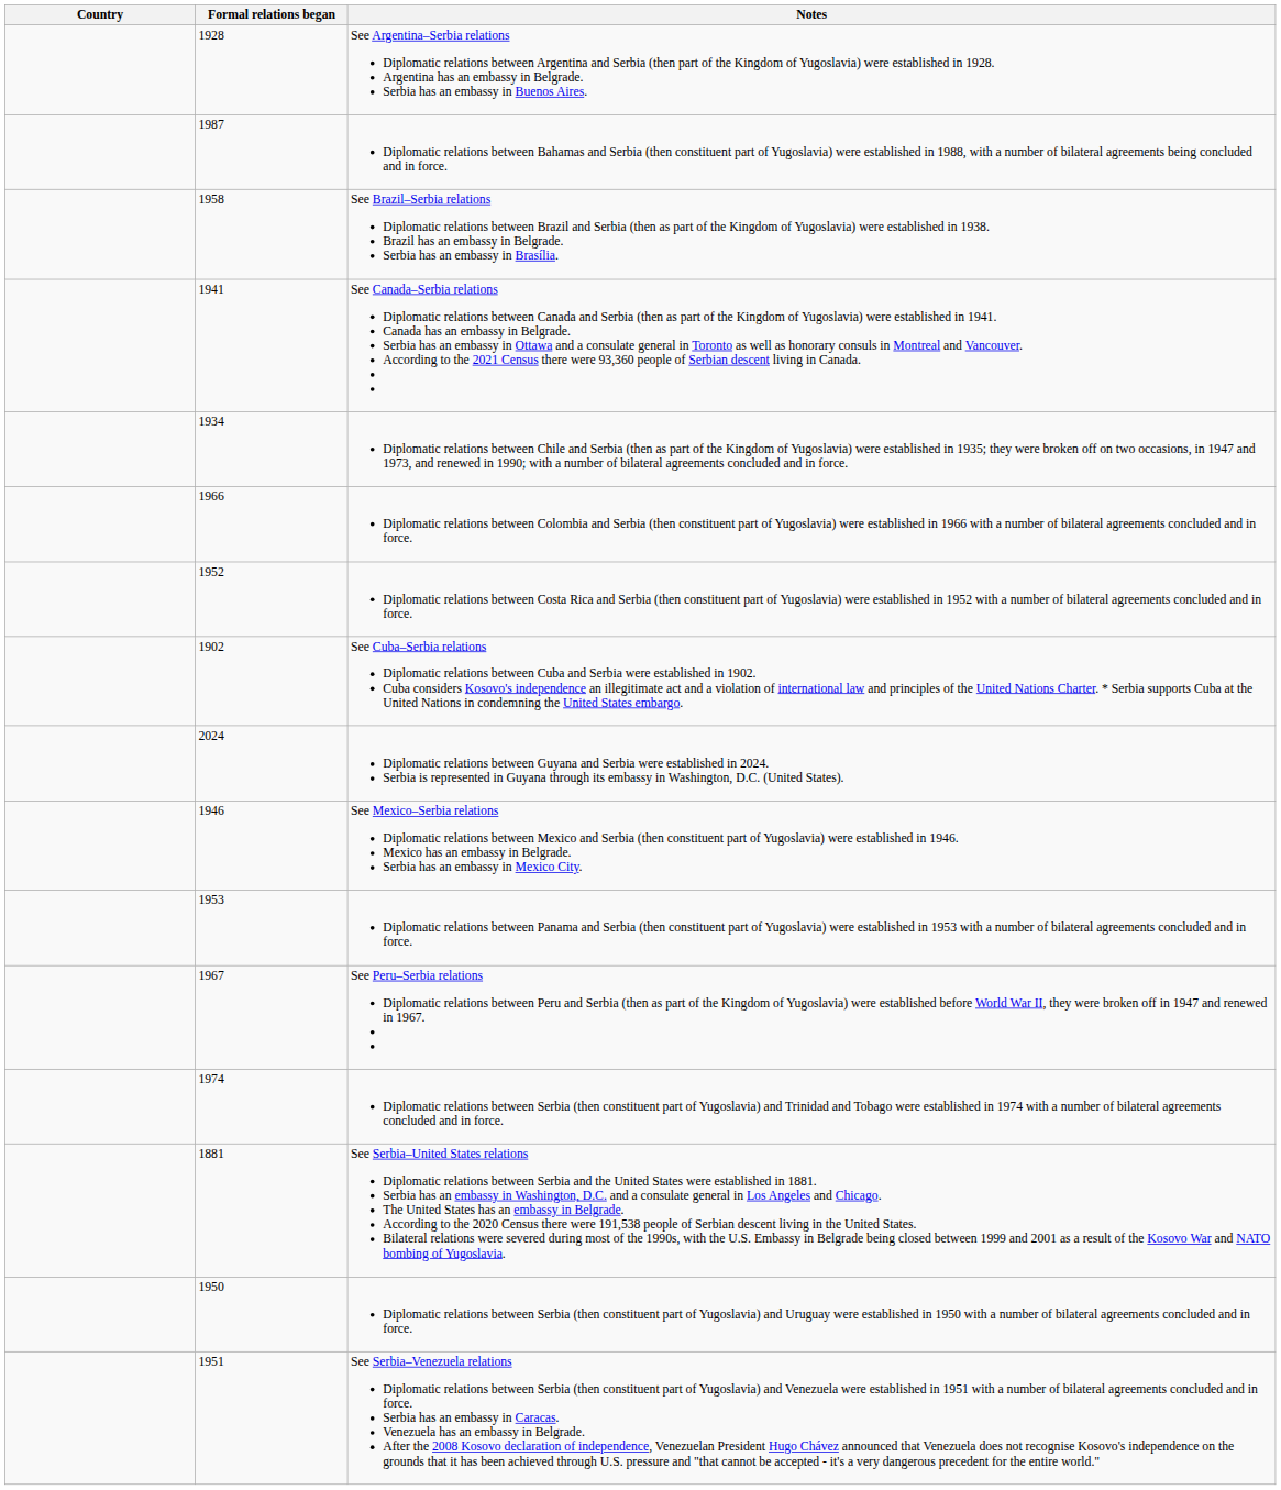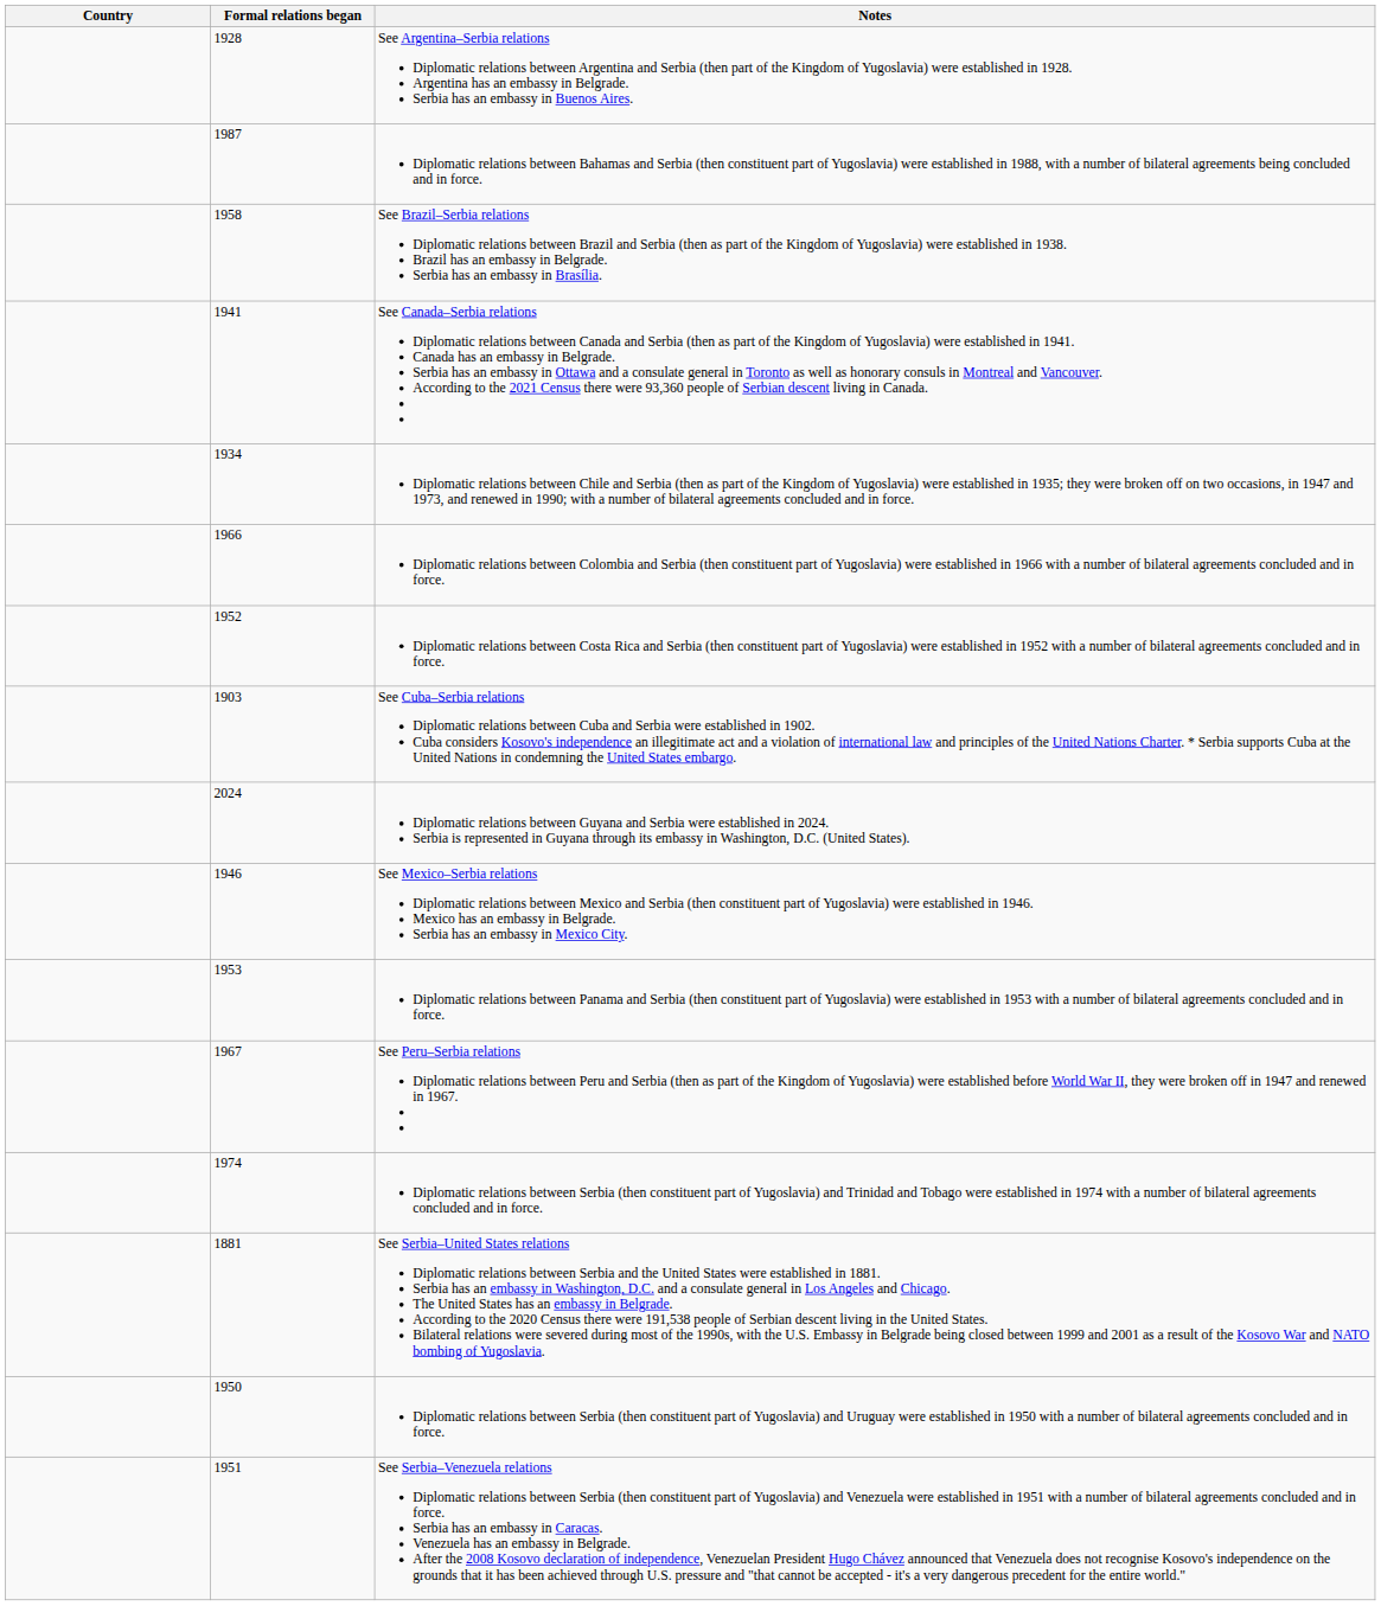 <table class="wikitable sortable" style="width:100%; margin:auto;">
 <tr>
 <th style="width:15%;">Country</th>
 <th style="width:12%;">Formal relations began</th>
 <th>Notes</th>
 </tr>
 <tr valign="top">
 <td></td>
 <td>1928</td>
 <td>See <a href='#'>Argentina–Serbia relations</a><br><ul><li>Diplomatic relations between Argentina and Serbia (then part of the Kingdom of Yugoslavia) were established in 1928.</li><li>Argentina has an embassy in Belgrade.</li><li>Serbia has an embassy in <a href='#'>Buenos Aires</a>.</li></ul></td>
 </tr>
 <tr valign="top">
 <td></td>
 <td>1987</td>
 <td><br><ul><li>Diplomatic relations between Bahamas and Serbia (then constituent part of Yugoslavia) were established in 1988, with a number of bilateral agreements being concluded and in force.</li></ul></td>
 </tr>
 <tr valign="top">
 <td></td>
 <td>1958</td>
 <td>See <a href='#'>Brazil–Serbia relations</a><br><ul><li>Diplomatic relations between Brazil and Serbia (then as part of the Kingdom of Yugoslavia) were established in 1938.</li><li>Brazil has an embassy in Belgrade.</li><li>Serbia has an embassy in <a href='#'>Brasília</a>.</li></ul></td>
 </tr>
 <tr valign="top">
 <td></td>
 <td>1941</td>
 <td>See <a href='#'>Canada–Serbia relations</a><br><ul><li>Diplomatic relations between Canada and Serbia (then as part of the Kingdom of Yugoslavia) were established in 1941.</li><li>Canada has an embassy in Belgrade.</li><li>Serbia has an embassy in <a href='#'>Ottawa</a> and a consulate general in <a href='#'>Toronto</a> as well as honorary consuls in <a href='#'>Montreal</a> and <a href='#'>Vancouver</a>.</li><li>According to the <a href='#'>2021 Census</a> there were 93,360 people of <a href='#'>Serbian descent</a> living in Canada.</li><li></li><li> </li></ul></td>
 </tr>
 <tr valign="top">
 <td></td>
 <td>1934</td>
 <td><br><ul><li>Diplomatic relations between Chile and Serbia (then as part of the Kingdom of Yugoslavia) were established in 1935; they were broken off on two occasions, in 1947 and 1973, and renewed in 1990; with a number of bilateral agreements concluded and in force.</li></ul></td>
 </tr>
 <tr valign="top">
 <td></td>
 <td>1966</td>
 <td><br><ul><li>Diplomatic relations between Colombia and Serbia (then constituent part of Yugoslavia) were established in 1966 with a number of bilateral agreements concluded and in force.</li></ul></td>
 </tr>
 <tr valign="top">
 <td></td>
 <td>1952</td>
 <td><br><ul><li>Diplomatic relations between Costa Rica and Serbia (then constituent part of Yugoslavia) were established in 1952 with a number of bilateral agreements concluded and in force.</li></ul></td>
 </tr>
 <tr valign="top">
 <td></td>
-<td>1902</td>
+<td>1903</td>
 <td>See <a href='#'>Cuba–Serbia relations</a><br><ul><li>Diplomatic relations between Cuba and Serbia were established in 1902.</li><li>Cuba considers <a href='#'>Kosovo's independence</a> an illegitimate act and a violation of <a href='#'>international law</a> and principles of the <a href='#'>United Nations Charter</a>. * Serbia supports Cuba at the United Nations in condemning the <a href='#'>United States embargo</a>.</li></ul></td>
 </tr>
 <tr valign="top">
 <td></td>
 <td>2024</td>
 <td><br><ul><li>Diplomatic relations between Guyana and Serbia were established in 2024.</li><li>Serbia is represented in Guyana through its embassy in Washington, D.C. (United States).</li></ul></td>
 </tr>
 <tr valign="top">
 <td></td>
 <td>1946</td>
 <td>See <a href='#'>Mexico–Serbia relations</a><br><ul><li>Diplomatic relations between Mexico and Serbia (then constituent part of Yugoslavia) were established in 1946.</li><li>Mexico has an embassy in Belgrade.</li><li>Serbia has an embassy in <a href='#'>Mexico City</a>.</li></ul></td>
 </tr>
 <tr valign="top">
 <td></td>
 <td> 1953</td>
 <td><br><ul><li>Diplomatic relations between Panama and Serbia (then constituent part of Yugoslavia) were established in 1953 with a number of bilateral agreements concluded and in force.</li></ul></td>
 </tr>
 <tr valign="top">
 <td></td>
 <td> 1967</td>
 <td>See <a href='#'>Peru–Serbia relations</a><br><ul><li>Diplomatic relations between Peru and Serbia (then as part of the Kingdom of Yugoslavia) were established before <a href='#'>World War II</a>, they were broken off in 1947 and renewed in 1967.</li><li></li><li></li></ul></td>
 </tr>
 <tr valign="top">
 <td></td>
 <td>1974</td>
 <td><br><ul><li>Diplomatic relations between Serbia (then constituent part of Yugoslavia) and Trinidad and Tobago were established in 1974 with a number of bilateral agreements concluded and in force.</li></ul></td>
 </tr>
 <tr valign="top">
 <td></td>
 <td>1881</td>
 <td>See <a href='#'>Serbia–United States relations</a><br><ul><li>Diplomatic relations between Serbia and the United States were established in 1881.</li><li>Serbia has an <a href='#'>embassy in Washington, D.C.</a> and a consulate general in <a href='#'>Los Angeles</a> and <a href='#'>Chicago</a>.</li><li>The United States has an <a href='#'>embassy in Belgrade</a>.</li><li>According to the 2020 Census there were 191,538 people of Serbian descent living in the United States.</li><li>Bilateral relations were severed during most of the 1990s, with the U.S. Embassy in Belgrade being closed between 1999 and 2001 as a result of the <a href='#'>Kosovo War</a> and <a href='#'>NATO bombing of Yugoslavia</a>.</li></ul></td>
 </tr>
 <tr valign="top">
 <td></td>
 <td>1950</td>
 <td><br><ul><li>Diplomatic relations between Serbia (then constituent part of Yugoslavia) and Uruguay were established in 1950 with a number of bilateral agreements concluded and in force.</li></ul></td>
 </tr>
 <tr valign="top">
 <td></td>
 <td>1951</td>
 <td>See <a href='#'>Serbia–Venezuela relations</a><br><ul><li>Diplomatic relations between Serbia (then constituent part of Yugoslavia) and Venezuela were established in 1951 with a number of bilateral agreements concluded and in force.</li><li>Serbia has an embassy in <a href='#'>Caracas</a>.</li><li>Venezuela has an embassy in Belgrade.</li><li>After the <a href='#'>2008 Kosovo declaration of independence</a>, Venezuelan President <a href='#'>Hugo Chávez</a> announced that Venezuela does not recognise Kosovo's independence on the grounds that it has been achieved through U.S. pressure and "that cannot be accepted - it's a very dangerous precedent for the entire world."</li></ul></td>
 </tr>
 </table>
